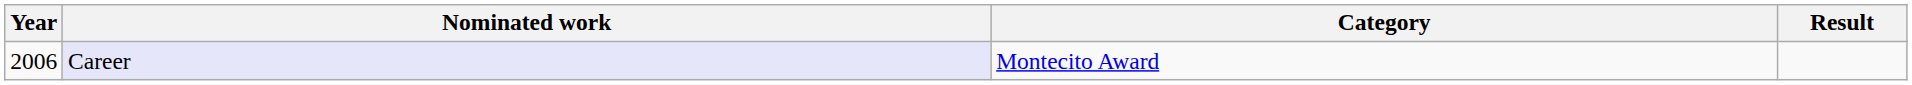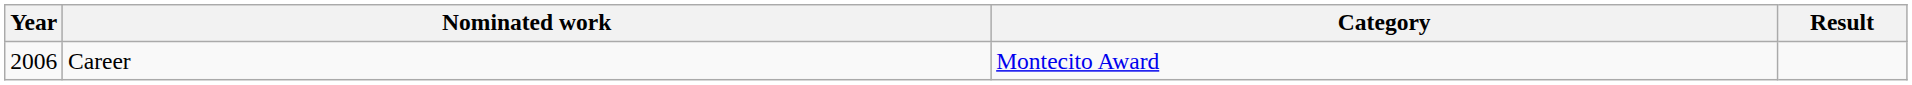 <table class=wikitable>
 <tr>
 <th scope="col" style="width:1em;">Year</th>
 <th scope="col" style="width:39em;">Nominated work</th>
 <th scope="col" style="width:33em;">Category</th>
 <th scope="col" style="width:5em;">Result</th>
 </tr>
 <tr>
 <td>2006</td>
-<td style="background: lavender;">Career</td>
+<td>Career</td>
 <td><a href='#'>Montecito Award</a></td>
 <td></td>
 </tr>
 </table>
